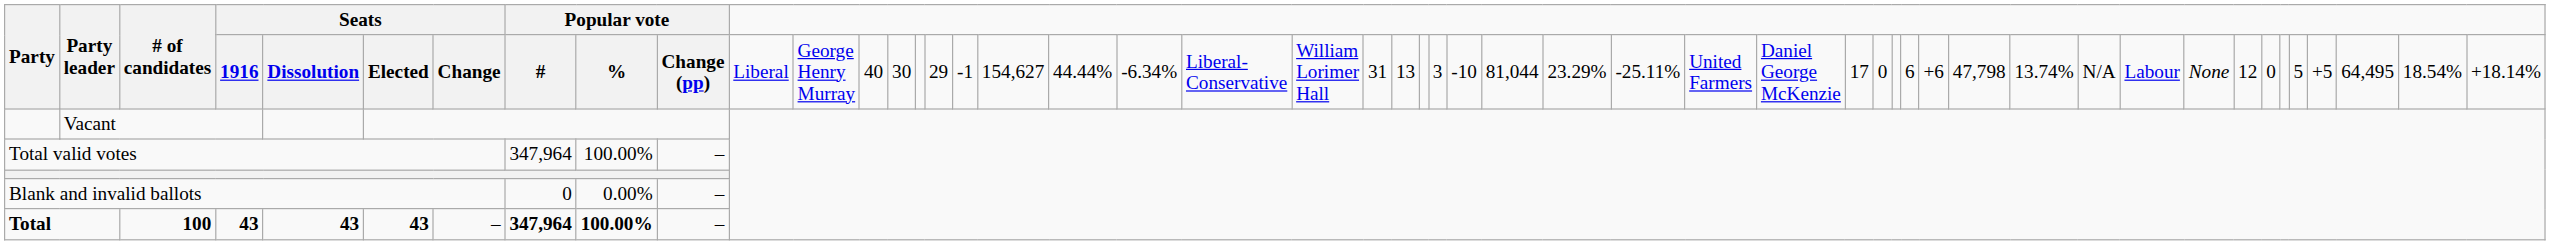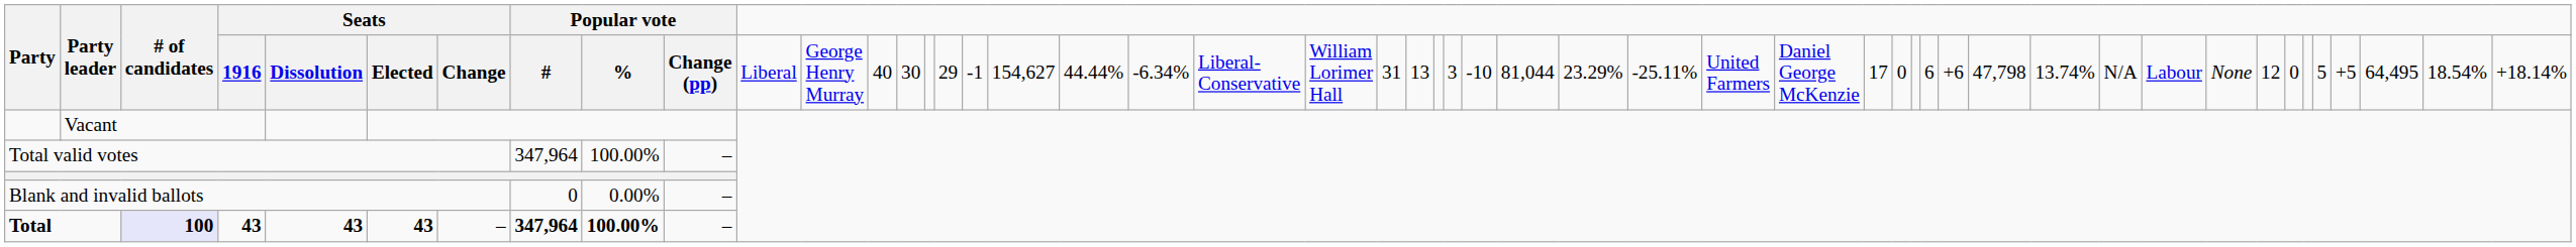 <table class="wikitable">
 <tr>
 <th rowspan="2" colspan="2">Party</th>
 <th rowspan="2">Party leader</th>
 <th rowspan="2"># of<br>candidates</th>
 <th colspan="4">Seats</th>
 <th colspan="3">Popular vote</th>
 </tr>
 <tr>
 <th><a href='#'>1916</a></th>
 <th><span><a href='#'>Dissolution</a></span></th>
 <th>Elected</th>
 <th>Change</th>
 <th>#</th>
 <th>%</th>
 <th>Change (<a href='#'>pp</a>)<br></th>
 <td><a href='#'>Liberal</a></td>
 <td><a href='#'>George Henry Murray</a></td>
 <td align="right">40</td>
 <td align="right">30</td>
 <td align="right"></td>
 <td align="right">29</td>
 <td align="right">-1</td>
 <td align="right">154,627</td>
 <td align="right">44.44%</td>
 <td align="right">-6.34%<br></td>
 <td><a href='#'>Liberal-Conservative</a></td>
 <td><a href='#'>William Lorimer Hall</a></td>
 <td align="right">31</td>
 <td align="right">13</td>
 <td align="right"></td>
 <td align="right">3</td>
 <td align="right">-10</td>
 <td align="right">81,044</td>
 <td align="right">23.29%</td>
 <td align="right">-25.11%<br></td>
 <td><a href='#'>United Farmers</a></td>
 <td><a href='#'>Daniel George McKenzie</a></td>
 <td align="right">17</td>
 <td align="right">0</td>
 <td align="right"></td>
 <td align="right">6</td>
 <td align="right">+6</td>
 <td align="right">47,798</td>
 <td align="right">13.74%</td>
 <td align="right">N/A<br></td>
 <td><a href='#'>Labour</a></td>
 <td><em>None</em></td>
 <td align="right">12</td>
 <td align="right">0</td>
 <td align="right"></td>
 <td align="right">5</td>
 <td align="right">+5</td>
 <td align="right">64,495</td>
 <td align="right">18.54%</td>
 <td align="right">+18.14%</td>
 </tr>
 <tr>
 <td> </td>
 <td colspan=4>Vacant</td>
 <td align="right"></td>
 <td colspan=5> </td>
 </tr>
 <tr>
 <td colspan="8">Total valid votes</td>
 <td align="right">347,964</td>
 <td align="right">100.00%</td>
 <td align="right">–</td>
 </tr>
 <tr>
 <th colspan="11"></th>
 </tr>
 <tr>
 <td colspan="8">Blank and invalid ballots</td>
 <td align="right">0</td>
 <td align="right">0.00%</td>
 <td align="right">–</td>
 </tr>
 <tr>
 <td colspan=3><strong>Total</strong></td>
-<td align="right"><strong>100</strong></td>
+<td align="right" style="background: lavender;"><strong>100</strong></td>
 <td align="right"><strong>43</strong></td>
 <td align="right"><strong>43</strong></td>
 <td align="right"><strong>43</strong></td>
 <td align="right">–</td>
 <td align="right"><strong>347,964</strong></td>
 <td align="right"><strong>100.00%</strong></td>
 <td align="right">–</td>
 </tr>
 </table>
